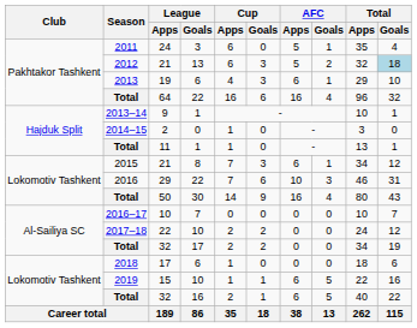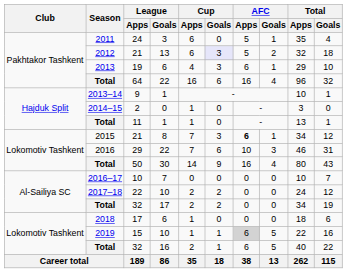 <table class="wikitable" style="font-size:90%; text-align:center;">
 <tr>
 <th rowspan="2">Club</th>
 <th rowspan="2">Season</th>
 <th colspan="2">League</th>
 <th colspan="2">Cup</th>
 <th colspan="2"><a href='#'>AFC</a></th>
 <th colspan="2">Total</th>
 </tr>
 <tr>
 <th>Apps</th>
 <th>Goals</th>
 <th>Apps</th>
 <th>Goals</th>
 <th>Apps</th>
 <th>Goals</th>
 <th>Apps</th>
 <th>Goals</th>
 </tr>
 <tr>
 <td rowspan="4">Pakhtakor Tashkent</td>
 <td><a href='#'>2011</a></td>
 <td>24</td>
 <td>3</td>
 <td>6</td>
 <td>0</td>
 <td>5</td>
 <td>1</td>
 <td>35</td>
 <td>4</td>
 </tr>
 <tr>
 <td><a href='#'>2012</a></td>
 <td>21</td>
 <td>13</td>
 <td>6</td>
-<td>3</td>
+<td style="background: lavender;">3</td>
 <td>5</td>
 <td>2</td>
 <td>32</td>
-<td style="background: lightblue;">18</td>
+<td>18</td>
 </tr>
 <tr>
 <td><a href='#'>2013</a></td>
 <td>19</td>
 <td>6</td>
 <td>4</td>
 <td>3</td>
 <td>6</td>
 <td>1</td>
 <td>29</td>
 <td>10</td>
 </tr>
 <tr>
 <th>Total</th>
 <td>64</td>
 <td>22</td>
 <td>16</td>
 <td>6</td>
 <td>16</td>
 <td>4</td>
 <td>96</td>
 <td>32</td>
 </tr>
 <tr>
 <td rowspan="3"><a href='#'>Hajduk Split</a></td>
 <td><a href='#'>2013–14</a></td>
 <td>9</td>
 <td>1</td>
 <td colspan="4">-</td>
 <td>10</td>
 <td>1</td>
 </tr>
 <tr>
 <td><a href='#'>2014–15</a></td>
 <td>2</td>
 <td>0</td>
 <td>1</td>
 <td>0</td>
 <td colspan="2">-</td>
 <td>3</td>
 <td>0</td>
 </tr>
 <tr>
 <th>Total</th>
 <td>11</td>
 <td>1</td>
 <td>1</td>
 <td>0</td>
 <td colspan="2">-</td>
 <td>13</td>
 <td>1</td>
 </tr>
 <tr>
 <td rowspan="3">Lokomotiv Tashkent</td>
 <td>2015</td>
 <td>21</td>
 <td>8</td>
 <td>7</td>
 <td>3</td>
-<td>6</td>
+<td><strong>6</strong></td>
 <td>1</td>
 <td>34</td>
 <td>12</td>
 </tr>
 <tr>
 <td>2016</td>
 <td>29</td>
 <td>22</td>
 <td>7</td>
 <td>6</td>
 <td>10</td>
 <td>3</td>
 <td>46</td>
 <td>31</td>
 </tr>
 <tr>
 <th>Total</th>
 <td>50</td>
 <td>30</td>
 <td>14</td>
 <td>9</td>
 <td>16</td>
 <td>4</td>
 <td>80</td>
 <td>43</td>
 </tr>
 <tr>
 <td rowspan="3">Al-Sailiya SC</td>
 <td><a href='#'>2016–17</a></td>
 <td>10</td>
 <td>7</td>
 <td>0</td>
 <td>0</td>
 <td>0</td>
 <td>0</td>
 <td>10</td>
 <td>7</td>
 </tr>
 <tr>
 <td><a href='#'>2017–18</a></td>
 <td>22</td>
 <td>10</td>
 <td>2</td>
 <td>2</td>
 <td>0</td>
 <td>0</td>
 <td>24</td>
 <td>12</td>
 </tr>
 <tr>
 <th>Total</th>
 <td>32</td>
 <td>17</td>
 <td>2</td>
 <td>2</td>
 <td>0</td>
 <td>0</td>
 <td>34</td>
 <td>19</td>
 </tr>
 <tr>
 <td rowspan="3">Lokomotiv Tashkent</td>
 <td><a href='#'>2018</a></td>
 <td>17</td>
 <td>6</td>
 <td>1</td>
 <td>0</td>
 <td>0</td>
 <td>0</td>
 <td>18</td>
 <td>6</td>
 </tr>
 <tr>
 <td><a href='#'>2019</a></td>
 <td>15</td>
 <td>10</td>
 <td>1</td>
 <td>1</td>
-<td>6</td>
+<td style="background: lightgrey;">6</td>
 <td>5</td>
 <td>22</td>
 <td>16</td>
 </tr>
 <tr>
 <th>Total</th>
 <td>32</td>
 <td>16</td>
 <td>2</td>
 <td>1</td>
 <td>6</td>
 <td>5</td>
 <td>40</td>
 <td>22</td>
 </tr>
 <tr>
 <th colspan="2">Career total</th>
 <th>189</th>
 <th>86</th>
 <th>35</th>
 <th>18</th>
 <th>38</th>
 <th>13</th>
 <th>262</th>
 <th>115</th>
 </tr>
 </table>
